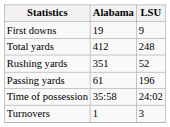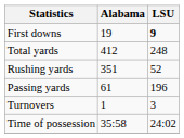 <table class="wikitable" style="float: left;">
 <tr>
 <th>Statistics</th>
 <th>Alabama</th>
 <th>LSU</th>
 </tr>
 <tr>
 <td>First downs</td>
 <td>19</td>
-<td>9</td>
+<td><strong>9</strong></td>
 </tr>
 <tr>
 <td>Total yards</td>
 <td>412</td>
 <td>248</td>
 </tr>
 <tr>
 <td>Rushing yards</td>
 <td>351</td>
 <td>52</td>
 </tr>
 <tr>
 <td>Passing yards</td>
 <td>61</td>
 <td>196</td>
 </tr>
 <tr>
+<td>Turnovers</td>
+<td>1</td>
+<td>3</td>
+</tr>
+<tr>
 <td>Time of possession</td>
 <td>35:58</td>
 <td>24:02</td>
 </tr>
 <tr>
-<td>Turnovers</td>
-<td>1</td>
-<td>3</td>
-</tr>
-<tr>
 </tr>
 </table>
